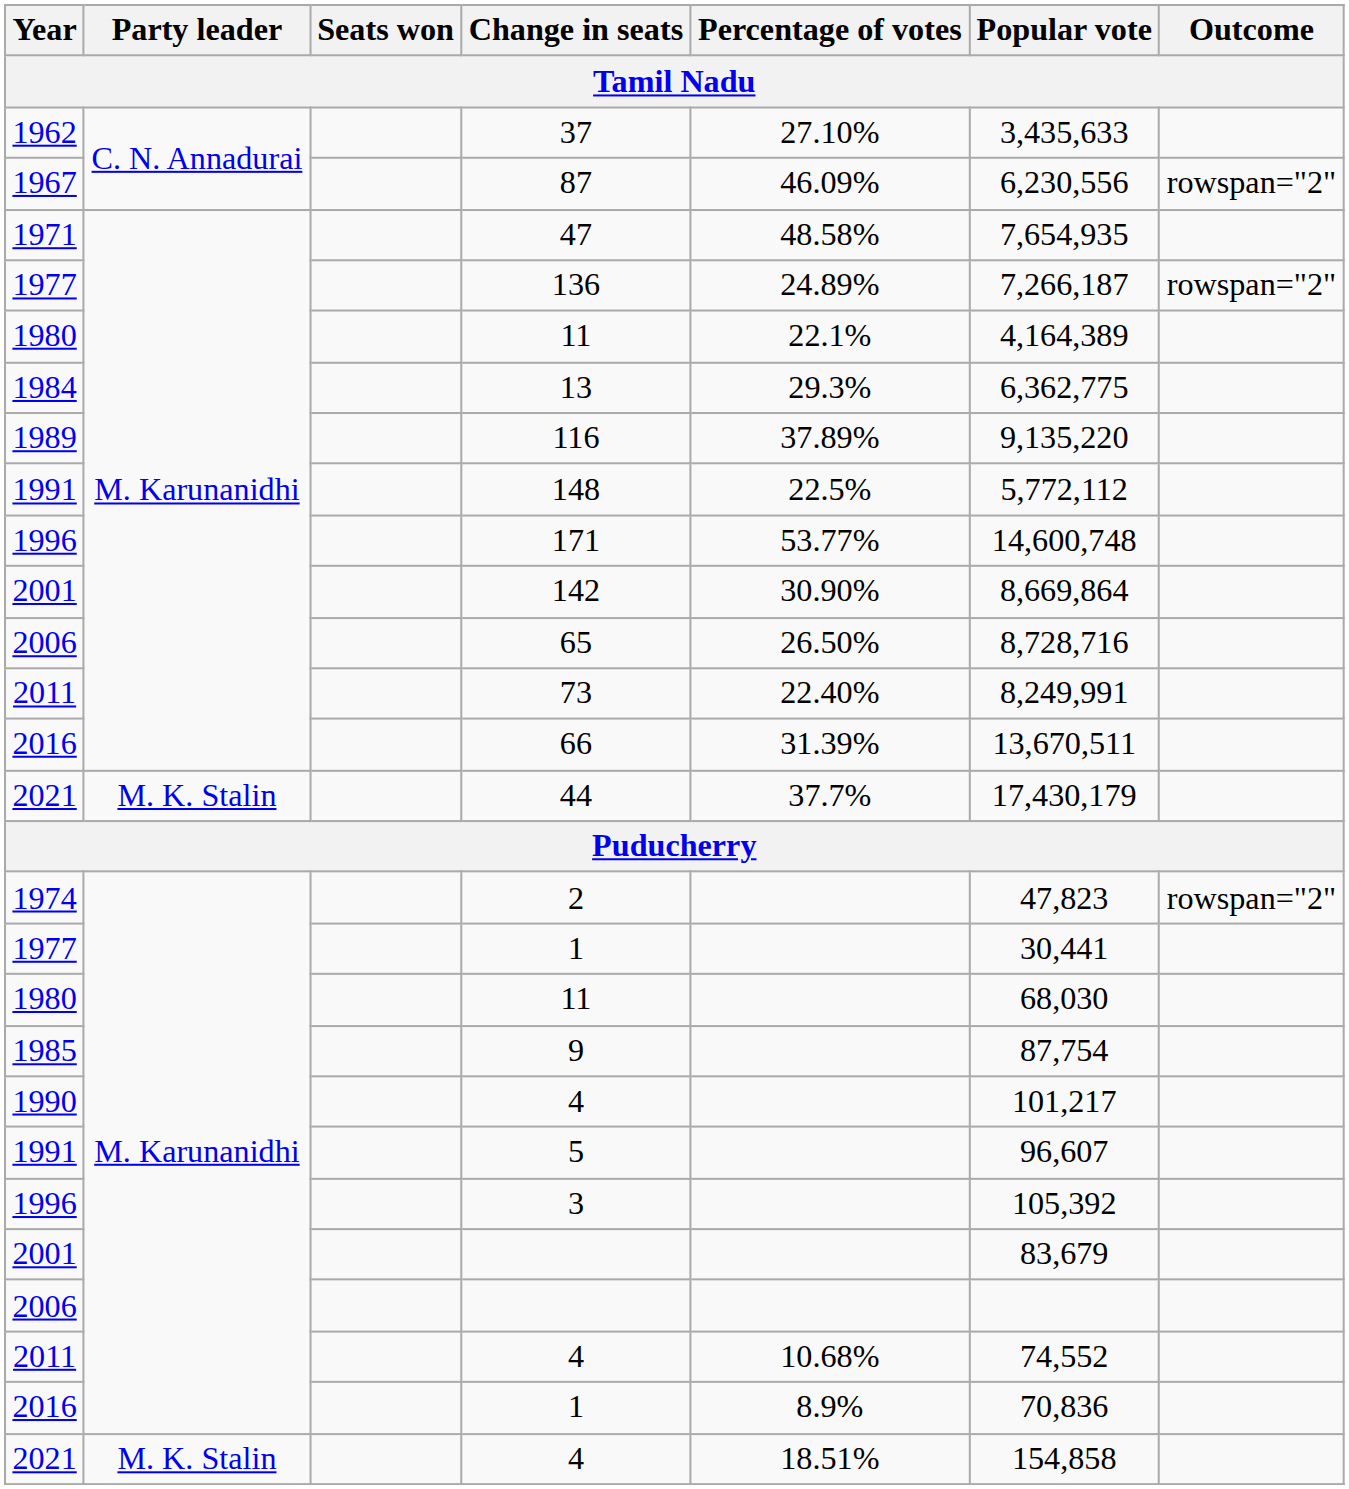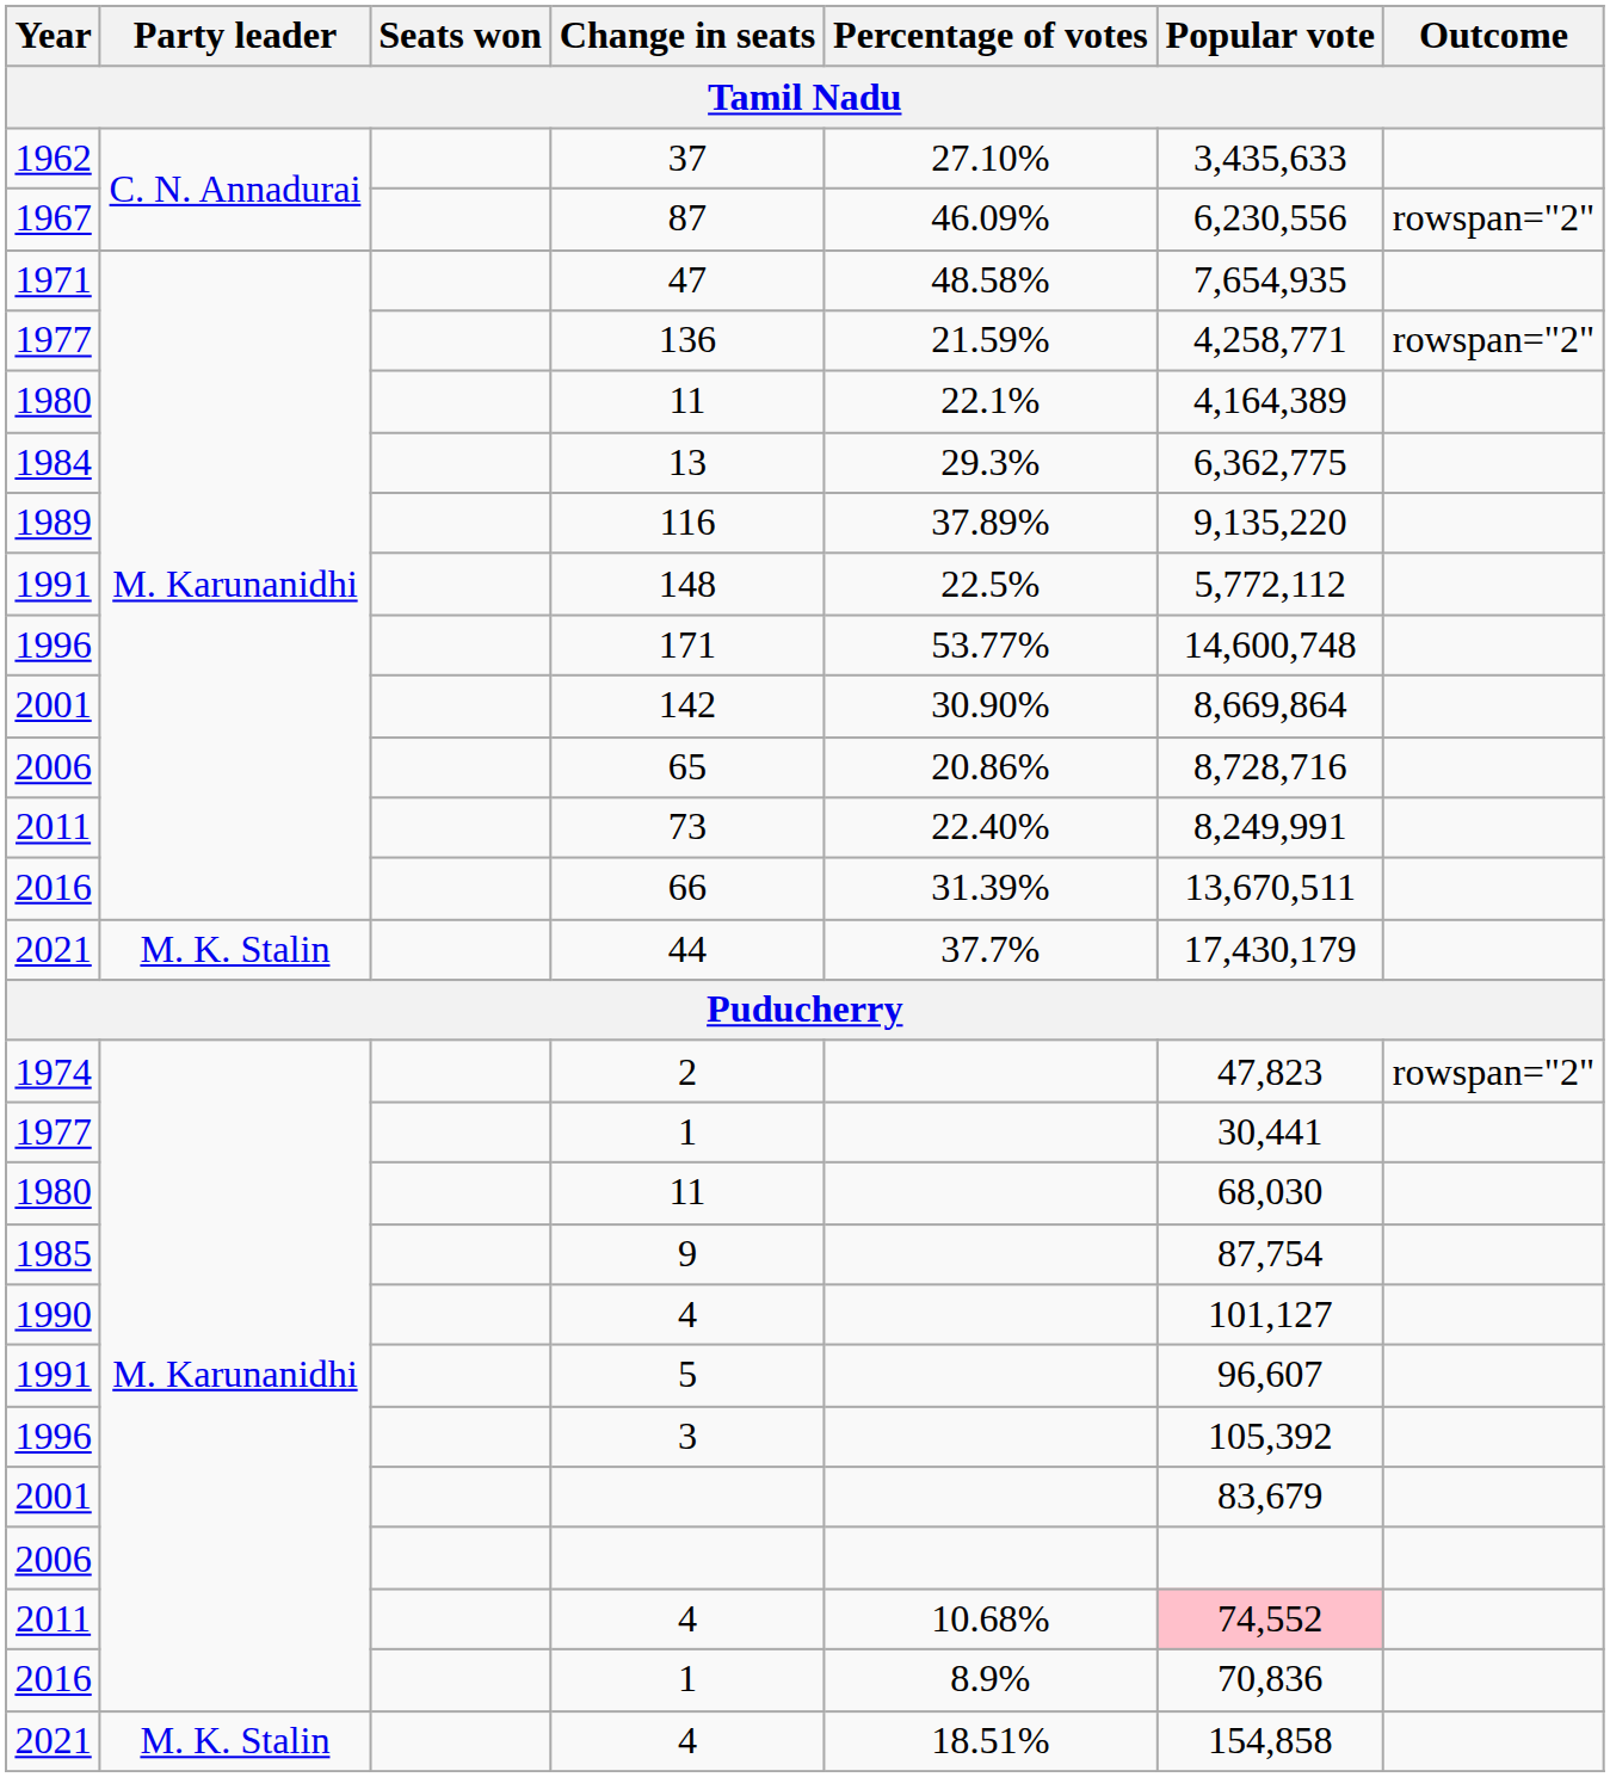 <table class="wikitable sortable" style="text-align:center;">
 <tr>
 <th style="background-color:">Year</th>
 <th style="background-color:">Party leader</th>
 <th style="background-color:">Seats won</th>
 <th style="background-color:">Change in seats</th>
 <th style="background-color:">Percentage of votes</th>
 <th style="background-color:">Popular vote</th>
 <th style="background-color:">Outcome</th>
 </tr>
 <tr>
 <th colspan=11><a href='#'>Tamil Nadu</a></th>
 </tr>
 <tr>
 <td><a href='#'>1962</a></td>
 <td rowspan=2><a href='#'>C. N. Annadurai</a></td>
 <td></td>
 <td> 37</td>
 <td>27.10%</td>
 <td>3,435,633</td>
 <td></td>
 </tr>
 <tr>
 <td><a href='#'>1967</a></td>
 <td></td>
 <td> 87</td>
 <td>46.09%</td>
 <td>6,230,556</td>
 <td>rowspan="2" </td>
 </tr>
 <tr style="text-align:center;">
 <td><a href='#'>1971</a></td>
 <td rowspan=11><a href='#'>M. Karunanidhi</a></td>
 <td></td>
 <td> 47</td>
 <td>48.58%</td>
 <td>7,654,935</td>
 </tr>
 <tr>
 <td><a href='#'>1977</a></td>
 <td></td>
 <td> 136</td>
-<td>24.89%</td>
-<td>7,266,187</td>
+<td>21.59%</td>
+<td>4,258,771</td>
 <td>rowspan="2" </td>
 </tr>
 <tr>
 <td><a href='#'>1980</a></td>
 <td></td>
 <td> 11</td>
 <td>22.1%</td>
 <td>4,164,389</td>
 </tr>
 <tr>
 <td><a href='#'>1984</a></td>
 <td></td>
 <td> 13</td>
 <td>29.3%</td>
 <td>6,362,775</td>
 <td></td>
 </tr>
 <tr>
 <td><a href='#'>1989</a></td>
 <td></td>
 <td> 116</td>
 <td>37.89%</td>
 <td>9,135,220</td>
 <td></td>
 </tr>
 <tr>
 <td><a href='#'>1991</a></td>
 <td></td>
 <td> 148</td>
 <td>22.5%</td>
 <td>5,772,112</td>
 <td></td>
 </tr>
 <tr>
 <td><a href='#'>1996</a></td>
 <td></td>
 <td> 171</td>
 <td>53.77%</td>
 <td>14,600,748</td>
 <td></td>
 </tr>
 <tr>
 <td><a href='#'>2001</a></td>
 <td></td>
 <td> 142</td>
 <td>30.90%</td>
 <td>8,669,864</td>
 <td></td>
 </tr>
 <tr>
 <td><a href='#'>2006</a></td>
 <td></td>
 <td> 65</td>
-<td>26.50%</td>
+<td>20.86%</td>
 <td>8,728,716</td>
 <td></td>
 </tr>
 <tr>
 <td><a href='#'>2011</a></td>
 <td></td>
 <td> 73</td>
 <td>22.40%</td>
 <td>8,249,991</td>
 <td></td>
 </tr>
 <tr>
 <td><a href='#'>2016</a></td>
 <td></td>
 <td> 66</td>
 <td>31.39%</td>
 <td>13,670,511</td>
 <td></td>
 </tr>
 <tr>
 <td><a href='#'>2021</a></td>
 <td><a href='#'>M. K. Stalin</a></td>
 <td></td>
 <td> 44</td>
 <td>37.7%</td>
 <td>17,430,179</td>
 <td></td>
 </tr>
 <tr>
 <th colspan=11><a href='#'>Puducherry</a></th>
 </tr>
 <tr>
 <td><a href='#'>1974</a></td>
 <td rowspan=11><a href='#'>M. Karunanidhi</a></td>
 <td></td>
 <td> 2</td>
 <td></td>
 <td>47,823</td>
 <td>rowspan="2" </td>
 </tr>
 <tr>
 <td><a href='#'>1977</a></td>
 <td></td>
 <td> 1</td>
 <td></td>
 <td>30,441</td>
 </tr>
 <tr>
 <td><a href='#'>1980</a></td>
 <td></td>
 <td> 11</td>
 <td></td>
 <td>68,030</td>
 <td></td>
 </tr>
 <tr>
 <td><a href='#'>1985</a></td>
 <td></td>
 <td> 9</td>
 <td></td>
 <td>87,754</td>
 <td></td>
 </tr>
 <tr>
 <td><a href='#'>1990</a></td>
 <td></td>
 <td> 4</td>
 <td></td>
-<td>101,217</td>
+<td>101,127</td>
 <td></td>
 </tr>
 <tr>
 <td><a href='#'>1991</a></td>
 <td></td>
 <td> 5</td>
 <td></td>
 <td>96,607</td>
 <td></td>
 </tr>
 <tr>
 <td><a href='#'>1996</a></td>
 <td></td>
 <td> 3</td>
 <td></td>
 <td>105,392</td>
 <td></td>
 </tr>
 <tr>
 <td><a href='#'>2001</a></td>
 <td></td>
 <td></td>
 <td></td>
 <td>83,679</td>
 <td></td>
 </tr>
 <tr>
 <td><a href='#'>2006</a></td>
 <td></td>
 <td></td>
 <td></td>
 <td></td>
 <td></td>
 </tr>
 <tr>
 <td><a href='#'>2011</a></td>
 <td></td>
 <td> 4</td>
 <td>10.68%</td>
-<td>74,552</td>
+<td style="background: pink;">74,552</td>
 <td></td>
 </tr>
 <tr>
 <td><a href='#'>2016</a></td>
 <td></td>
 <td> 1</td>
 <td>8.9%</td>
 <td>70,836</td>
 <td></td>
 </tr>
 <tr>
 <td><a href='#'>2021</a></td>
 <td><a href='#'>M. K. Stalin</a></td>
 <td></td>
 <td> 4</td>
 <td>18.51%</td>
 <td>154,858</td>
 <td></td>
 </tr>
 <tr>
 </tr>
 </table>
